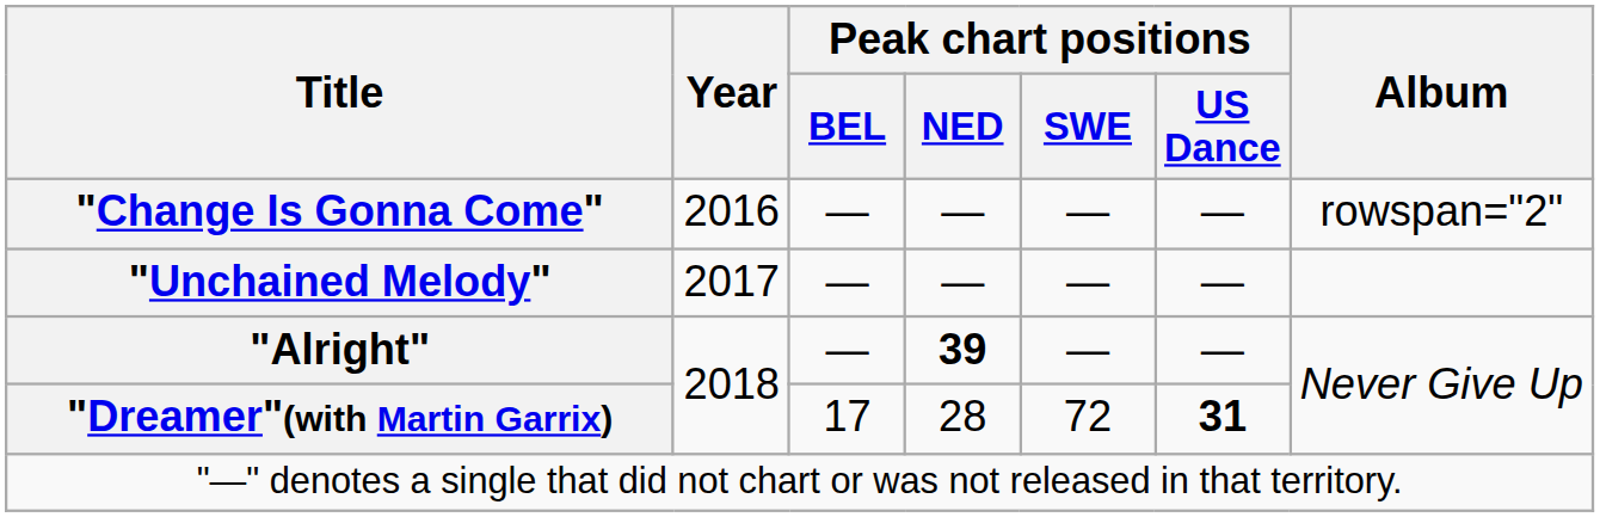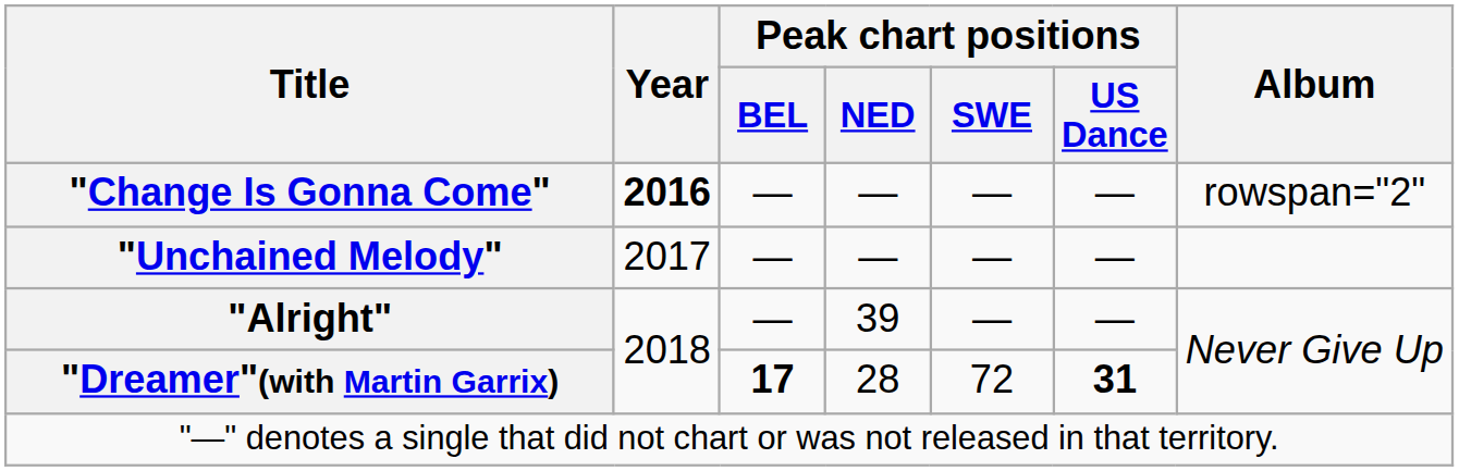 <table class="wikitable plainrowheaders" style="text-align:center;">
 <tr>
 <th rowspan="2" scope="col" style="width:15em;">Title</th>
 <th rowspan="2" scope="col">Year</th>
 <th colspan="4">Peak chart positions</th>
 <th rowspan="2" scope="col">Album</th>
 </tr>
 <tr>
 <th scope="col" style="width:2.5em;font-size:90%;"><a href='#'>BEL</a><br></th>
 <th scope="col" style="width:2.5em;font-size:90%;"><a href='#'>NED</a><br></th>
 <th scope="col" style="width:3em;font-size:90%;"><a href='#'>SWE</a><br></th>
 <th scope="col" style="width:2.5em;font-size:90%;"><a href='#'>US <br>Dance</a><br></th>
 </tr>
 <tr>
 <th scope="row">"<a href='#'>Change Is Gonna Come</a>"</th>
-<td>2016</td>
+<td><strong>2016</strong></td>
 <td>—</td>
 <td>—</td>
 <td>—</td>
 <td>—</td>
 <td>rowspan="2" </td>
 </tr>
 <tr>
 <th scope="row">"<a href='#'>Unchained Melody</a>"</th>
 <td>2017</td>
 <td>—</td>
 <td>—</td>
 <td>—</td>
 <td>—</td>
 </tr>
 <tr>
 <th scope="row">"Alright"</th>
 <td rowspan="2">2018</td>
 <td>—</td>
-<td><strong>39</strong></td>
+<td>39</td>
 <td>—</td>
 <td>—</td>
 <td rowspan="2"><em>Never Give Up</em></td>
 </tr>
 <tr>
 <th scope="row">"<a href='#'>Dreamer</a>"<small>(with <a href='#'>Martin Garrix</a>)</small></th>
-<td>17</td>
+<td><strong>17</strong></td>
 <td>28</td>
 <td>72</td>
 <td><strong>31</strong></td>
 </tr>
 <tr>
 <td colspan="7" style="font-size:85%">"—" denotes a single that did not chart or was not released in that territory.</td>
 </tr>
 </table>
